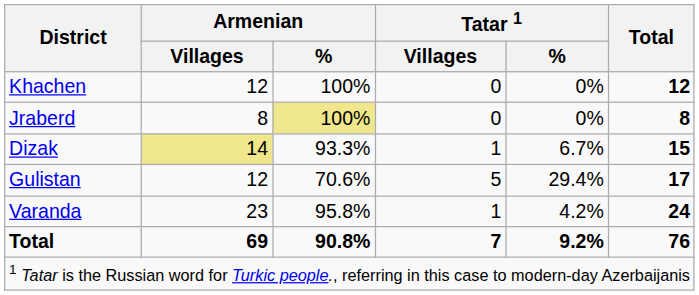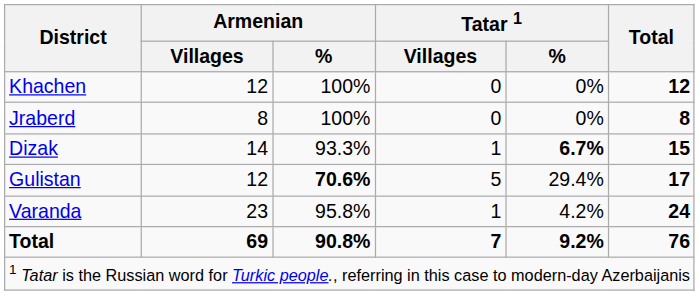 <table class="wikitable">
 <tr>
 <th rowspan="2">District</th>
 <th colspan="2">Armenian</th>
 <th colspan="2">Tatar <sup>1</sup></th>
 <th rowspan="2">Total</th>
 </tr>
 <tr bgcolor="#e0e0e0">
 <th>Villages</th>
 <th>%</th>
 <th>Villages</th>
 <th>%</th>
 </tr>
 <tr>
 <td><a href='#'>Khachen</a></td>
 <td align="right">12</td>
 <td align="right">100%</td>
 <td align="right">0</td>
 <td align="right">0%</td>
 <td align="right"><strong>12</strong></td>
 </tr>
 <tr>
 <td><a href='#'>Jraberd</a></td>
 <td align="right">8</td>
-<td align="right" style="background: khaki;">100%</td>
+<td align="right">100%</td>
 <td align="right">0</td>
 <td align="right">0%</td>
 <td align="right"><strong>8</strong></td>
 </tr>
 <tr>
 <td><a href='#'>Dizak</a></td>
-<td align="right" style="background: khaki;">14</td>
+<td align="right">14</td>
 <td align="right">93.3%</td>
 <td align="right">1</td>
-<td align="right">6.7%</td>
+<td align="right"><strong>6.7%</strong></td>
 <td align="right"><strong>15</strong></td>
 </tr>
 <tr>
 <td><a href='#'>Gulistan</a></td>
 <td align="right">12</td>
-<td align="right">70.6%</td>
+<td align="right"><strong>70.6%</strong></td>
 <td align="right">5</td>
 <td align="right">29.4%</td>
 <td align="right"><strong>17</strong></td>
 </tr>
 <tr>
 <td><a href='#'>Varanda</a></td>
 <td align="right">23</td>
 <td align="right">95.8%</td>
 <td align="right">1</td>
 <td align="right">4.2%</td>
 <td align="right"><strong>24</strong></td>
 </tr>
 <tr>
 <td><strong>Total</strong></td>
 <td align="right"><strong>69</strong></td>
 <td align="right"><strong>90.8%</strong></td>
 <td align="right"><strong>7</strong></td>
 <td align="right"><strong>9.2%</strong></td>
 <td align="right"><strong>76</strong></td>
 </tr>
 <tr>
 <td colspan="6"><small><sup>1</sup> <em>Tatar</em> is the Russian word for <em><a href='#'>Turkic people</a>.</em>, referring in this case to modern-day Azerbaijanis</small></td>
 </tr>
 </table>
